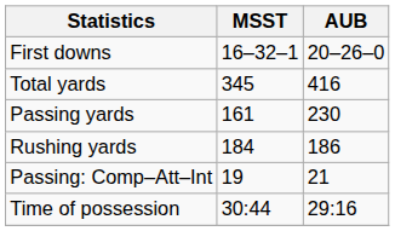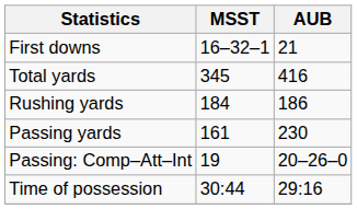 <table class="wikitable" style="float: left;">
 <tr>
 <th>Statistics</th>
 <th>MSST</th>
 <th>AUB</th>
 </tr>
 <tr>
 <td>First downs</td>
 <td>16–32–1</td>
-<td>20–26–0</td>
+<td>21</td>
 </tr>
 <tr>
 <td>Total yards</td>
 <td>345</td>
 <td>416</td>
 </tr>
 <tr>
+<td>Rushing yards</td>
+<td>184</td>
+<td>186</td>
+</tr>
+<tr>
 <td>Passing yards</td>
 <td>161</td>
 <td>230</td>
 </tr>
 <tr>
-<td>Rushing yards</td>
-<td>184</td>
-<td>186</td>
-</tr>
-<tr>
 <td>Passing: Comp–Att–Int</td>
 <td>19</td>
-<td>21</td>
+<td>20–26–0</td>
 </tr>
 <tr>
 <td>Time of possession</td>
 <td>30:44</td>
 <td>29:16</td>
 </tr>
 <tr>
 </tr>
 </table>
